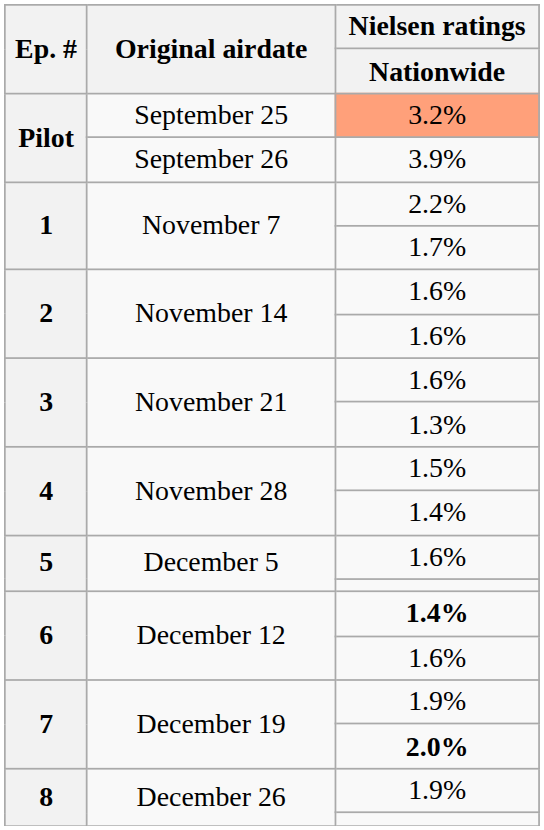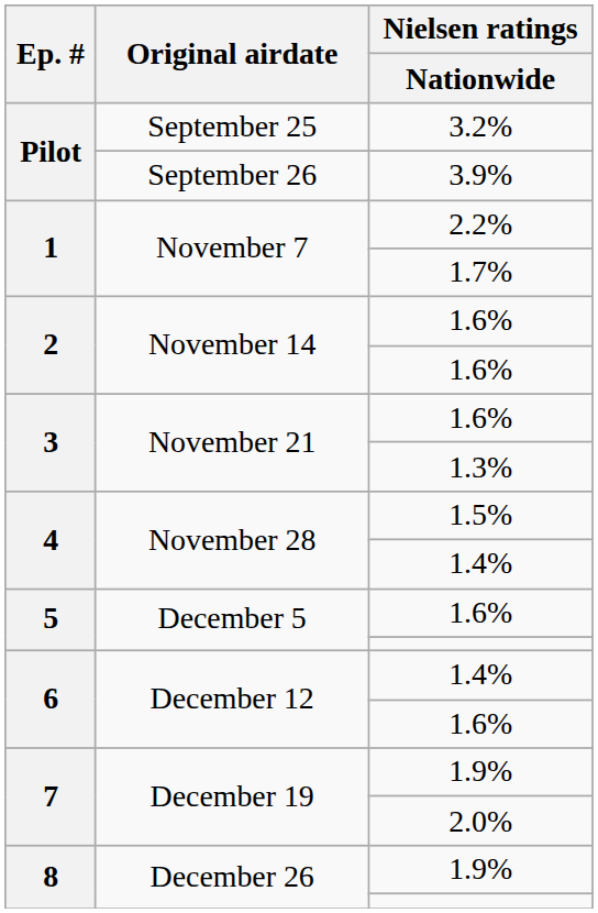 <table class="wikitable" style="text-align:center;">
 <tr>
 <th rowspan=2 style=width:40px;>Ep. #</th>
 <th rowspan=2 style=width:135px;>Original airdate</th>
 <th width=110><strong>Nielsen ratings</strong></th>
 </tr>
 <tr>
 <th><strong>Nationwide</strong></th>
 </tr>
 <tr>
 <th rowspan=2>Pilot</th>
 <td>September 25</td>
-<td style="background: lightsalmon;">3.2%</td>
+<td>3.2%</td>
 </tr>
 <tr>
 <td>September 26</td>
 <td>3.9%</td>
 </tr>
 <tr>
 <th rowspan=2>1</th>
 <td rowspan=2>November 7</td>
 <td>2.2%</td>
 </tr>
 <tr>
 <td>1.7%</td>
 </tr>
 <tr>
 <th rowspan=2>2</th>
 <td rowspan=2>November 14</td>
 <td>1.6%</td>
 </tr>
 <tr>
 <td>1.6%</td>
 </tr>
 <tr>
 <th rowspan=2>3</th>
 <td rowspan=2>November 21</td>
 <td>1.6%</td>
 </tr>
 <tr>
 <td>1.3%</td>
 </tr>
 <tr>
 <th rowspan=2>4</th>
 <td rowspan=2>November 28</td>
 <td>1.5%</td>
 </tr>
 <tr>
 <td>1.4%</td>
 </tr>
 <tr>
 <th rowspan=2>5</th>
 <td rowspan=2>December 5</td>
 <td>1.6%</td>
 </tr>
 <tr>
 <td></td>
 </tr>
 <tr>
 <th rowspan=2>6</th>
 <td rowspan=2>December 12</td>
-<td><strong>1.4%</strong></td>
+<td>1.4%</td>
 </tr>
 <tr>
 <td>1.6%</td>
 </tr>
 <tr>
 <th rowspan=2>7</th>
 <td rowspan=2>December 19</td>
 <td>1.9%</td>
 </tr>
 <tr>
-<td><strong>2.0%</strong></td>
+<td>2.0%</td>
 </tr>
 <tr>
 <th rowspan=2>8</th>
 <td rowspan=2>December 26</td>
 <td>1.9%</td>
 </tr>
 <tr>
 <td></td>
 </tr>
 </table>
